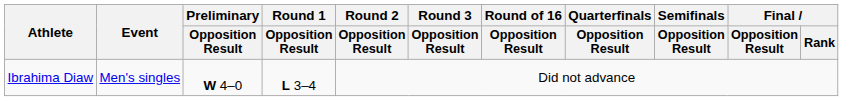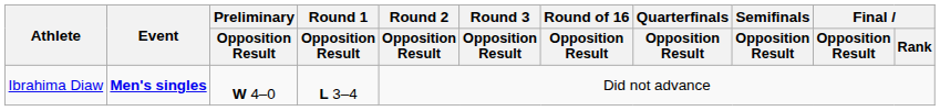 <table class=wikitable style=font-size:90%;text-align:center>
 <tr>
 <th rowspan=2>Athlete</th>
 <th rowspan=2>Event</th>
 <th>Preliminary</th>
 <th>Round 1</th>
 <th>Round 2</th>
 <th>Round 3</th>
 <th>Round of 16</th>
 <th>Quarterfinals</th>
 <th>Semifinals</th>
 <th colspan=2>Final / </th>
 </tr>
 <tr style=font-size:95%>
 <th>Opposition<br>Result</th>
 <th>Opposition<br>Result</th>
 <th>Opposition<br>Result</th>
 <th>Opposition<br>Result</th>
 <th>Opposition<br>Result</th>
 <th>Opposition<br>Result</th>
 <th>Opposition<br>Result</th>
 <th>Opposition<br>Result</th>
 <th>Rank</th>
 </tr>
 <tr>
 <td align=left><a href='#'>Ibrahima Diaw</a></td>
-<td align=left><a href='#'>Men's singles</a></td>
+<td align=left><strong><a href='#'>Men's singles</a></strong></td>
 <td><br><strong>W</strong> 4–0</td>
 <td><br><strong>L</strong> 3–4</td>
 <td colspan="7">Did not advance</td>
 </tr>
 </table>
